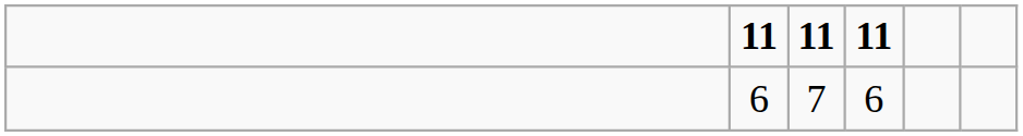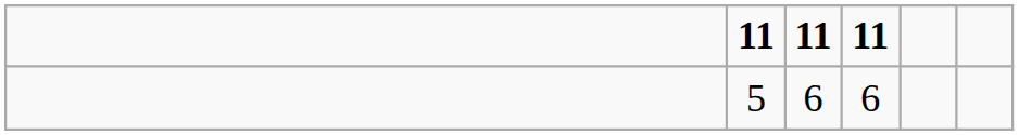 <table class="wikitable">
 <tr>
 <td style="width:18em"></td>
 <td align=center style="width:1em"><strong>11</strong></td>
 <td align=center style="width:1em"><strong>11</strong></td>
 <td align=center style="width:1em"><strong>11</strong></td>
 <td align=center style="width:1em"></td>
 <td align=center style="width:1em"></td>
 </tr>
 <tr>
 <td style="width:18em"></td>
+<td align=center style="width:1em">5</td>
 <td align=center style="width:1em">6</td>
-<td align=center style="width:1em">7</td>
 <td align=center style="width:1em">6</td>
 <td align=center style="width:1em"></td>
 <td align=center style="width:1em"></td>
 </tr>
 </table>
